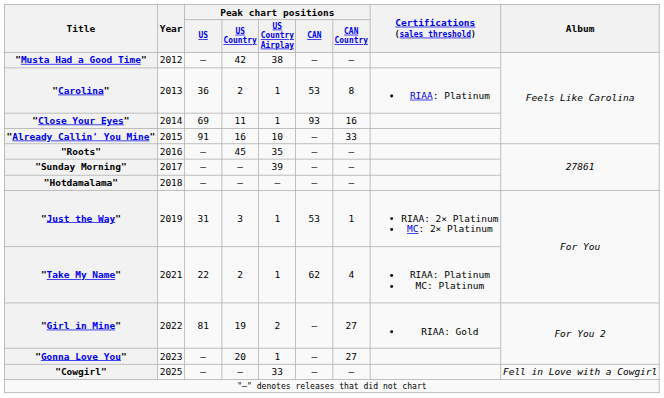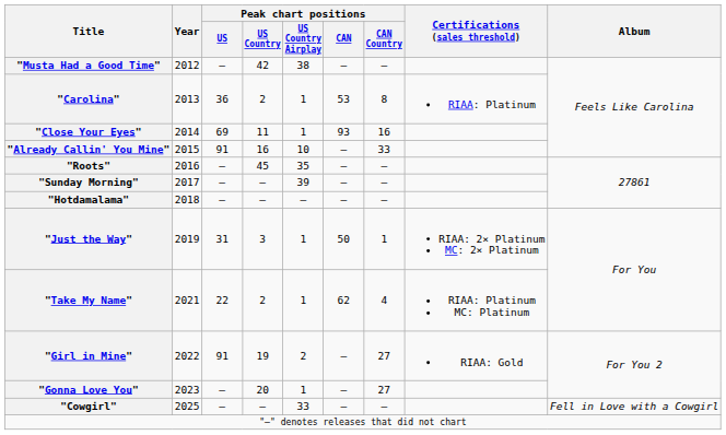 <table class="wikitable plainrowheaders" style="text-align:center;">
 <tr>
 <th scope="col" rowspan="2">Title</th>
 <th scope="col" rowspan="2">Year</th>
 <th scope="col" colspan="5">Peak chart positions</th>
 <th scope="col" rowspan="2?"><a href='#'>Certifications</a><br><small>(<a href='#'>sales threshold</a>)</small></th>
 <th scope="col" rowspan="2">Album</th>
 </tr>
 <tr style="font-size:smaller;">
 <th scope="col" style="width:45px;"><a href='#'>US</a><br></th>
 <th scope="col" style="width:45px;"><a href='#'>US Country</a><br></th>
 <th scope="col" style="width:45px;"><a href='#'>US Country Airplay</a><br></th>
 <th scope="col" style="width:45px;"><a href='#'>CAN</a><br></th>
 <th scope="col" style="width:45px;"><a href='#'>CAN Country</a><br></th>
 </tr>
 <tr>
 <th scope="row">"<a href='#'>Musta Had a Good Time</a>"</th>
 <td>2012</td>
 <td>—</td>
 <td>42</td>
 <td>38</td>
 <td>—</td>
 <td>—</td>
 <td></td>
 <td rowspan="4"><em>Feels Like Carolina</em></td>
 </tr>
 <tr>
 <th scope="row">"<a href='#'>Carolina</a>"</th>
 <td>2013</td>
 <td>36</td>
 <td>2</td>
 <td>1</td>
 <td>53</td>
 <td>8</td>
 <td><br><ul><li><a href='#'>RIAA</a>: Platinum</li></ul></td>
 </tr>
 <tr>
 <th scope="row">"<a href='#'>Close Your Eyes</a>"</th>
 <td>2014</td>
 <td>69</td>
 <td>11</td>
 <td>1</td>
 <td>93</td>
 <td>16</td>
 <td></td>
 </tr>
 <tr>
 <th scope="row">"<a href='#'>Already Callin' You Mine</a>"</th>
 <td>2015</td>
 <td>91</td>
 <td>16</td>
 <td>10</td>
 <td>—</td>
 <td>33</td>
 <td></td>
 </tr>
 <tr>
 <th scope="row">"Roots"</th>
 <td>2016</td>
 <td>—</td>
 <td>45</td>
 <td>35</td>
 <td>—</td>
 <td>—</td>
 <td></td>
 <td rowspan="3"><em>27861</em></td>
 </tr>
 <tr>
 <th scope="row">"Sunday Morning"</th>
 <td>2017</td>
 <td>—</td>
 <td>—</td>
 <td>39</td>
 <td>—</td>
 <td>—</td>
 <td></td>
 </tr>
 <tr>
 <th scope="row">"Hotdamalama"</th>
 <td>2018</td>
 <td>—</td>
 <td>—</td>
 <td>—</td>
 <td>—</td>
 <td>—</td>
 <td></td>
 </tr>
 <tr>
 <th scope="row">"<a href='#'>Just the Way</a>"<br></th>
 <td>2019</td>
 <td>31</td>
 <td>3</td>
 <td>1</td>
-<td>53</td>
+<td>50</td>
 <td>1</td>
 <td><br><ul><li>RIAA: 2× Platinum</li><li><a href='#'>MC</a>: 2× Platinum</li></ul></td>
 <td rowspan="2"><em>For You</em></td>
 </tr>
 <tr>
 <th scope="row">"<a href='#'>Take My Name</a>"</th>
 <td>2021</td>
 <td>22</td>
 <td>2</td>
 <td>1</td>
 <td>62</td>
 <td>4</td>
 <td><br><ul><li>RIAA: Platinum</li><li>MC: Platinum</li></ul></td>
 </tr>
 <tr>
 <th scope="row">"<a href='#'>Girl in Mine</a>"</th>
 <td>2022</td>
-<td>81</td>
+<td>91</td>
 <td>19</td>
 <td>2</td>
 <td>—</td>
 <td>27</td>
 <td><br><ul><li>RIAA: Gold</li></ul></td>
 <td rowspan="2"><em>For You 2</em></td>
 </tr>
 <tr>
 <th scope="row">"<a href='#'>Gonna Love You</a>"</th>
 <td>2023</td>
 <td>—</td>
 <td>20</td>
 <td>1</td>
 <td>—</td>
 <td>27</td>
 <td></td>
 </tr>
 <tr>
 <th scope="row">"Cowgirl"</th>
 <td>2025</td>
 <td>—</td>
 <td>—</td>
 <td>33</td>
 <td>—</td>
 <td>—</td>
 <td></td>
 <td><em>Fell in Love with a Cowgirl</em></td>
 </tr>
 <tr>
 <td colspan="9" style="font-size:85%">"—" denotes releases that did not chart</td>
 </tr>
 </table>
